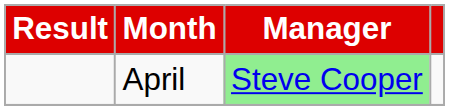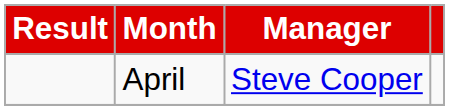 <table class="wikitable" style="text-align:left">
 <tr>
 <th style="background:#DD0000; color:#FFFFFF;">Result</th>
 <th style="background:#DD0000; color:#FFFFFF;">Month</th>
 <th style="background:#DD0000;color:#FFFFFF;">Manager</th>
 <th style="background:#DD0000; color:#FFFFFF;"></th>
 </tr>
 <tr>
 </tr>
 <tr>
 <td></td>
 <td>April</td>
-<td style="background: lightgreen;"> <a href='#'>Steve Cooper</a></td>
+<td> <a href='#'>Steve Cooper</a></td>
 <td></td>
 </tr>
 <tr>
 </tr>
 </table>
